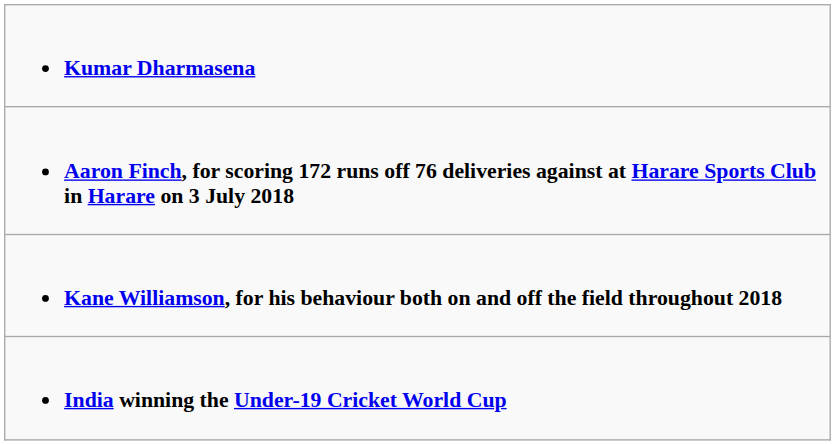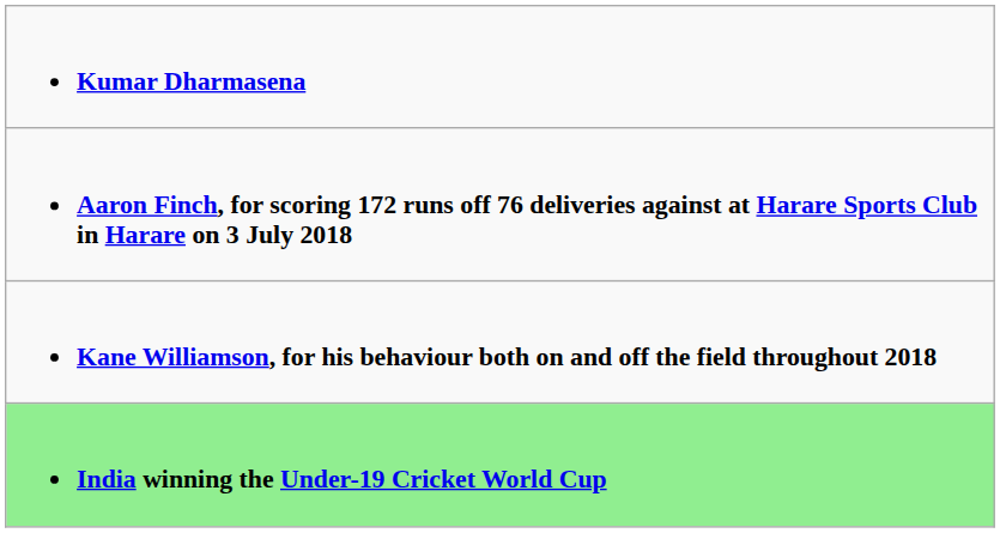 <table class="wikitable">
 <tr>
 <td valign="top" width="50%"><br><ul><li><strong> <a href='#'>Kumar Dharmasena</a></strong></li></ul></td>
 </tr>
 <tr>
 <td valign="top" width="50%"><br><ul><li><strong> <a href='#'>Aaron Finch</a>, for scoring 172 runs off 76 deliveries against  at <a href='#'>Harare Sports Club</a> in <a href='#'>Harare</a> on 3 July 2018</strong></li></ul></td>
 </tr>
 <tr>
 <td valign="top" width="50%"><br><ul><li><strong> <a href='#'>Kane Williamson</a>, for his behaviour both on and off the field throughout 2018</strong></li></ul></td>
 </tr>
 <tr>
-<td valign="top" width="50%"><br><ul><li><strong> <a href='#'>India</a> winning the <a href='#'>Under-19 Cricket World Cup</a></strong></li></ul></td>
+<td valign="top" width="50%" style="background: lightgreen;"><br><ul><li><strong> <a href='#'>India</a> winning the <a href='#'>Under-19 Cricket World Cup</a></strong></li></ul></td>
 </tr>
 </table>
